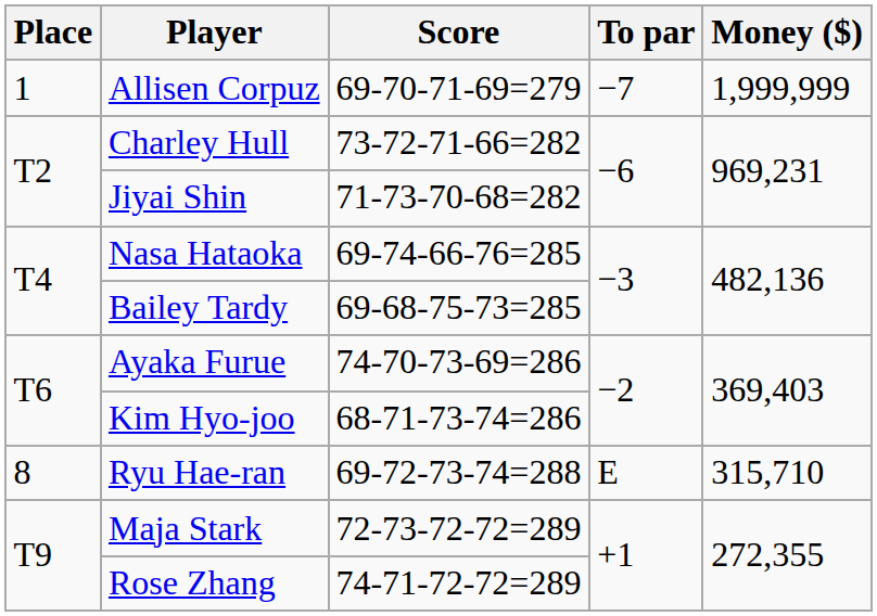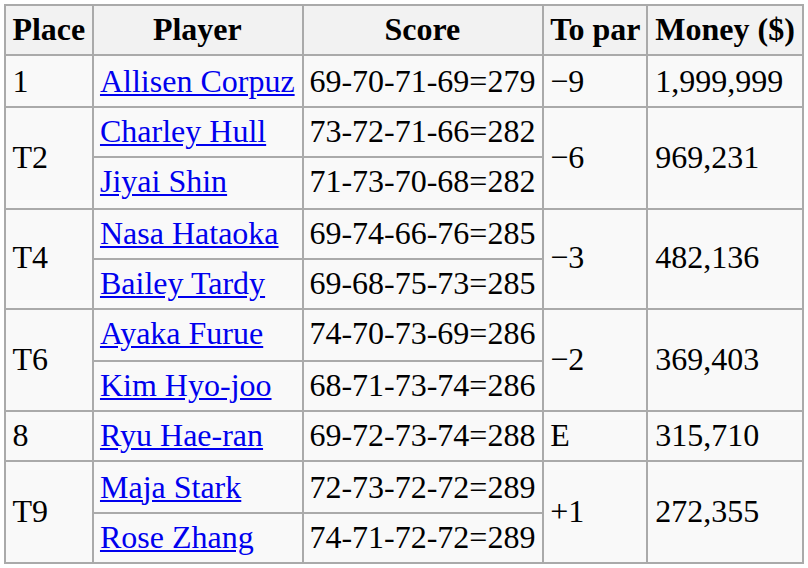 <table class="wikitable defaultcenter col2left col5right">
 <tr>
 <th>Place</th>
 <th>Player</th>
 <th>Score</th>
 <th>To par</th>
 <th>Money ($)</th>
 </tr>
 <tr>
 <td>1</td>
 <td> <a href='#'>Allisen Corpuz</a></td>
 <td>69-70-71-69=279</td>
-<td>−7</td>
+<td>−9</td>
 <td>1,999,999</td>
 </tr>
 <tr>
 <td rowspan=2>T2</td>
 <td> <a href='#'>Charley Hull</a></td>
 <td>73-72-71-66=282</td>
 <td rowspan=2>−6</td>
 <td rowspan=2>969,231</td>
 </tr>
 <tr>
 <td style="text-align: left"> <a href='#'>Jiyai Shin</a></td>
 <td>71-73-70-68=282</td>
 </tr>
 <tr>
 <td rowspan=2>T4</td>
 <td> <a href='#'>Nasa Hataoka</a></td>
 <td>69-74-66-76=285</td>
 <td rowspan=2>−3</td>
 <td rowspan=2>482,136</td>
 </tr>
 <tr>
 <td style="text-align: left"> <a href='#'>Bailey Tardy</a></td>
 <td>69-68-75-73=285</td>
 </tr>
 <tr>
 <td rowspan=2>T6</td>
 <td> <a href='#'>Ayaka Furue</a></td>
 <td>74-70-73-69=286</td>
 <td rowspan=2>−2</td>
 <td rowspan=2>369,403</td>
 </tr>
 <tr>
 <td style="text-align: left"> <a href='#'>Kim Hyo-joo</a></td>
 <td>68-71-73-74=286</td>
 </tr>
 <tr>
 <td>8</td>
 <td> <a href='#'>Ryu Hae-ran</a></td>
 <td>69-72-73-74=288</td>
 <td>E</td>
 <td>315,710</td>
 </tr>
 <tr>
 <td rowspan=2>T9</td>
 <td> <a href='#'>Maja Stark</a></td>
 <td>72-73-72-72=289</td>
 <td rowspan=2>+1</td>
 <td rowspan=2>272,355</td>
 </tr>
 <tr>
 <td style="text-align: left"> <a href='#'>Rose Zhang</a></td>
 <td>74-71-72-72=289</td>
 </tr>
 </table>
